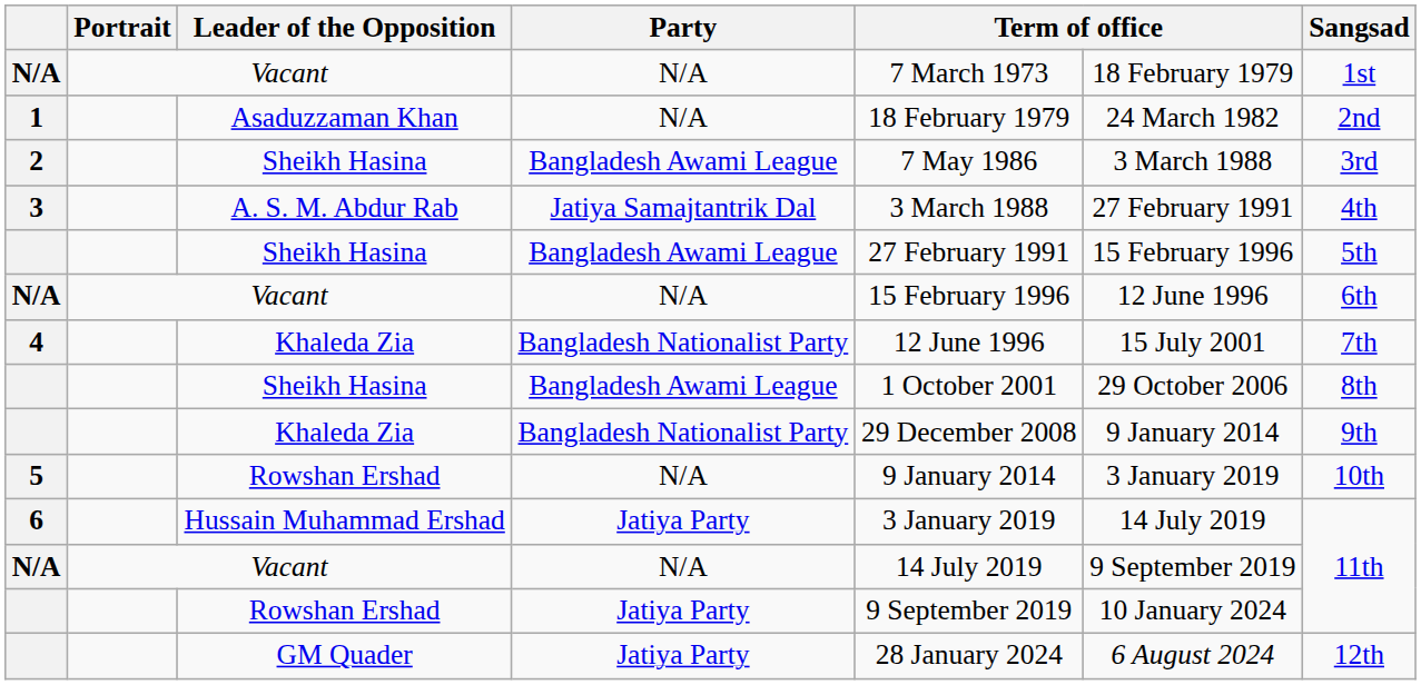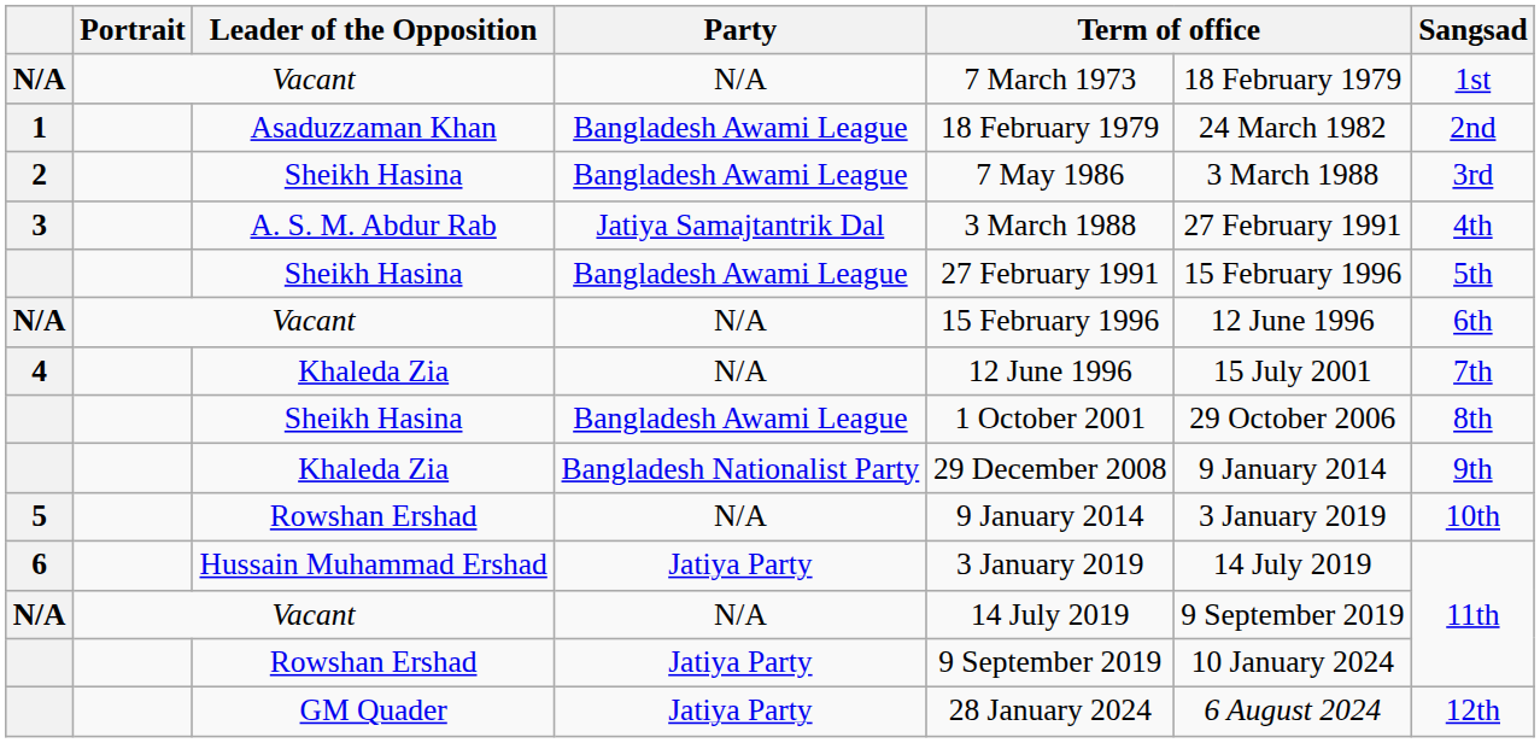 <table class="wikitable" style="text-align:center">
 <tr>
 <th></th>
 <th>Portrait</th>
 <th>Leader of the Opposition</th>
 <th>Party</th>
 <th colspan=2>Term of office</th>
 <th>Sangsad</th>
 </tr>
 <tr>
 <th style="background:; color:;">N/A</th>
 <td colspan=2><em>Vacant</em></td>
 <td>N/A</td>
 <td>7 March 1973</td>
 <td>18 February 1979</td>
 <td><a href='#'>1st</a></td>
 </tr>
 <tr>
 <th style="background:">1</th>
 <td></td>
 <td><a href='#'>Asaduzzaman Khan</a></td>
-<td>N/A</td>
+<td><a href='#'>Bangladesh Awami League</a></td>
 <td>18 February 1979</td>
 <td>24 March 1982</td>
 <td><a href='#'>2nd</a></td>
 </tr>
 <tr>
 <th style="background:">2</th>
 <td></td>
 <td><a href='#'>Sheikh Hasina</a></td>
 <td><a href='#'>Bangladesh Awami League</a></td>
 <td>7 May 1986</td>
 <td>3 March 1988</td>
 <td><a href='#'>3rd</a></td>
 </tr>
 <tr>
 <th style="background:">3</th>
 <td></td>
 <td><a href='#'>A. S. M. Abdur Rab</a></td>
 <td><a href='#'>Jatiya Samajtantrik Dal</a></td>
 <td>3 March 1988</td>
 <td>27 February 1991</td>
 <td><a href='#'>4th</a></td>
 </tr>
 <tr>
 <th style="background:"></th>
 <td></td>
 <td><a href='#'>Sheikh Hasina</a></td>
 <td><a href='#'>Bangladesh Awami League</a></td>
 <td>27 February 1991</td>
 <td>15 February 1996</td>
 <td><a href='#'>5th</a></td>
 </tr>
 <tr>
 <th style="background:; color:;">N/A</th>
 <td colspan=2><em>Vacant</em></td>
 <td>N/A</td>
 <td>15 February 1996</td>
 <td>12 June 1996</td>
 <td><a href='#'>6th</a></td>
 </tr>
 <tr>
 <th style="background:">4</th>
 <td></td>
 <td><a href='#'>Khaleda Zia</a></td>
-<td><a href='#'>Bangladesh Nationalist Party</a></td>
+<td>N/A</td>
 <td>12 June 1996</td>
 <td>15 July 2001</td>
 <td><a href='#'>7th</a></td>
 </tr>
 <tr>
 <th style="background:"></th>
 <td></td>
 <td><a href='#'>Sheikh Hasina</a></td>
 <td><a href='#'>Bangladesh Awami League</a></td>
 <td>1 October 2001</td>
 <td>29 October 2006</td>
 <td><a href='#'>8th</a></td>
 </tr>
 <tr>
 <th style="background:"></th>
 <td></td>
 <td><a href='#'>Khaleda Zia</a></td>
 <td><a href='#'>Bangladesh Nationalist Party</a></td>
 <td>29 December 2008</td>
 <td>9 January 2014</td>
 <td><a href='#'>9th</a></td>
 </tr>
 <tr>
 <th style="background:">5</th>
 <td></td>
 <td><a href='#'>Rowshan Ershad</a></td>
 <td>N/A</td>
 <td>9 January 2014</td>
 <td>3 January 2019</td>
 <td><a href='#'>10th</a></td>
 </tr>
 <tr>
 <th style="background:">6</th>
 <td></td>
 <td><a href='#'>Hussain Muhammad Ershad</a></td>
 <td><a href='#'>Jatiya Party</a></td>
 <td>3 January 2019</td>
 <td>14 July 2019</td>
 <td rowspan=3><a href='#'>11th</a></td>
 </tr>
 <tr>
 <th style="background:; color:;">N/A</th>
 <td colspan=2><em>Vacant</em></td>
 <td>N/A</td>
 <td>14 July 2019</td>
 <td>9 September 2019</td>
 </tr>
 <tr>
 <th style="background:"></th>
 <td></td>
 <td><a href='#'>Rowshan Ershad</a></td>
 <td><a href='#'>Jatiya Party</a></td>
 <td>9 September 2019</td>
 <td>10 January 2024</td>
 </tr>
 <tr>
 <th style="background:"></th>
 <td></td>
 <td><a href='#'>GM Quader</a></td>
 <td><a href='#'>Jatiya Party</a></td>
 <td>28 January 2024</td>
 <td><em>6 August 2024</em></td>
 <td><a href='#'>12th</a></td>
 </tr>
 </table>
